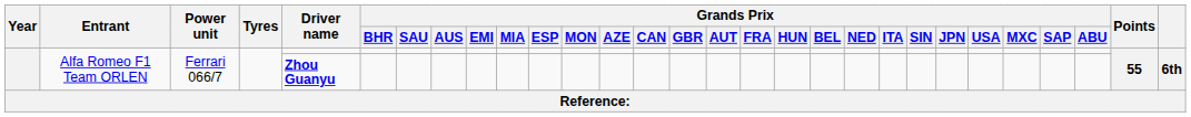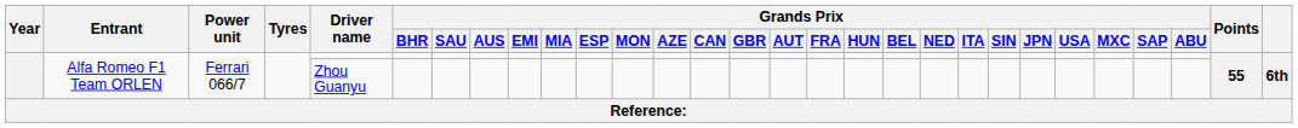 <table class="wikitable" style="text-align:center; font-size:90%">
 <tr>
 <th rowspan="2">Year</th>
 <th rowspan="2">Entrant</th>
 <th rowspan="2">Power unit</th>
 <th rowspan="2">Tyres</th>
 <th rowspan="2">Driver name</th>
 <th colspan="22">Grands Prix</th>
 <th rowspan="2">Points</th>
 <th rowspan="2"></th>
 </tr>
 <tr>
 <th><a href='#'>BHR</a></th>
 <th><a href='#'>SAU</a></th>
 <th><a href='#'>AUS</a></th>
 <th><a href='#'>EMI</a></th>
 <th><a href='#'>MIA</a></th>
 <th><a href='#'>ESP</a></th>
 <th><a href='#'>MON</a></th>
 <th><a href='#'>AZE</a></th>
 <th><a href='#'>CAN</a></th>
 <th><a href='#'>GBR</a></th>
 <th><a href='#'>AUT</a></th>
 <th><a href='#'>FRA</a></th>
 <th><a href='#'>HUN</a></th>
 <th><a href='#'>BEL</a></th>
 <th><a href='#'>NED</a></th>
 <th><a href='#'>ITA</a></th>
 <th><a href='#'>SIN</a></th>
 <th><a href='#'>JPN</a></th>
 <th><a href='#'>USA</a></th>
 <th><a href='#'>MXC</a></th>
 <th><a href='#'>SAP</a></th>
 <th><a href='#'>ABU</a></th>
 </tr>
 <tr>
 <th rowspan="2"></th>
 <td rowspan="2"><a href='#'>Alfa Romeo F1 Team ORLEN</a></td>
 <td rowspan="2"><a href='#'>Ferrari</a> 066/7</td>
 <td rowspan="2"></td>
 <td align=left></td>
 <td></td>
 <td></td>
 <td></td>
 <td></td>
 <td></td>
 <td></td>
 <td></td>
 <td></td>
 <td></td>
 <td></td>
 <td></td>
 <td></td>
 <td></td>
 <td></td>
 <td></td>
 <td></td>
 <td></td>
 <td></td>
 <td></td>
 <td></td>
 <td></td>
 <td></td>
 <th rowspan="2">55</th>
 <th rowspan="2">6th</th>
 </tr>
 <tr>
-<td align=left><strong> <a href='#'>Zhou Guanyu</a></strong></td>
+<td align=left> <a href='#'>Zhou Guanyu</a></td>
 <td></td>
 <td></td>
 <td></td>
 <td></td>
 <td></td>
 <td></td>
 <td></td>
 <td></td>
 <td></td>
 <td></td>
 <td></td>
 <td></td>
 <td></td>
 <td></td>
 <td></td>
 <td></td>
 <td></td>
 <td></td>
 <td></td>
 <td></td>
 <td></td>
 <td></td>
 </tr>
 <tr>
 <th colspan="29">Reference:</th>
 </tr>
 </table>
